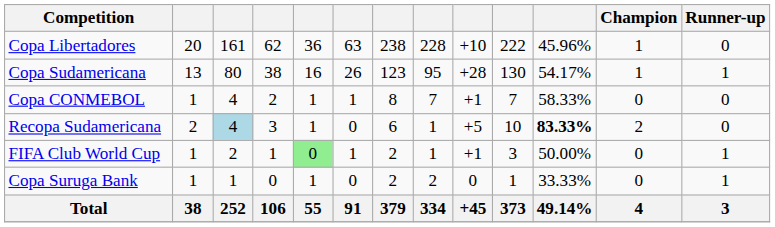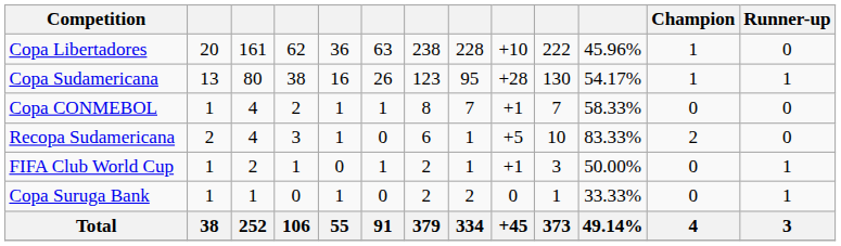 <table class="wikitable" style="text-align: center;">
 <tr>
 <th width=150>Competition</th>
 <th width=30></th>
 <th width=30></th>
 <th width=30></th>
 <th width=30></th>
 <th width=30></th>
 <th width=30></th>
 <th width=30></th>
 <th width=30></th>
 <th width=30></th>
 <th width=50></th>
 <th>Champion</th>
 <th>Runner-up</th>
 </tr>
 <tr>
 <td align=left><a href='#'>Copa Libertadores</a></td>
 <td>20</td>
 <td>161</td>
 <td>62</td>
 <td>36</td>
 <td>63</td>
 <td>238</td>
 <td>228</td>
 <td>+10</td>
 <td>222</td>
 <td>45.96%</td>
 <td>1</td>
 <td>0</td>
 </tr>
 <tr>
 <td align=left><a href='#'>Copa Sudamericana</a></td>
 <td>13</td>
 <td>80</td>
 <td>38</td>
 <td>16</td>
 <td>26</td>
 <td>123</td>
 <td>95</td>
 <td>+28</td>
 <td>130</td>
 <td>54.17%</td>
 <td>1</td>
 <td>1</td>
 </tr>
 <tr>
 <td align=left><a href='#'>Copa CONMEBOL</a></td>
 <td>1</td>
 <td>4</td>
 <td>2</td>
 <td>1</td>
 <td>1</td>
 <td>8</td>
 <td>7</td>
 <td>+1</td>
 <td>7</td>
 <td>58.33%</td>
 <td>0</td>
 <td>0</td>
 </tr>
 <tr>
 <td align=left><a href='#'>Recopa Sudamericana</a></td>
 <td>2</td>
-<td style="background: lightblue;">4</td>
+<td>4</td>
 <td>3</td>
 <td>1</td>
 <td>0</td>
 <td>6</td>
 <td>1</td>
 <td>+5</td>
 <td>10</td>
-<td><strong>83.33%</strong></td>
+<td>83.33%</td>
 <td>2</td>
 <td>0</td>
 </tr>
 <tr>
 <td align=left><a href='#'>FIFA Club World Cup</a></td>
 <td>1</td>
 <td>2</td>
 <td>1</td>
-<td style="background: lightgreen;">0</td>
+<td>0</td>
 <td>1</td>
 <td>2</td>
 <td>1</td>
 <td>+1</td>
 <td>3</td>
 <td>50.00%</td>
 <td>0</td>
 <td>1</td>
 </tr>
 <tr>
 <td align=left><a href='#'>Copa Suruga Bank</a></td>
 <td>1</td>
 <td>1</td>
 <td>0</td>
 <td>1</td>
 <td>0</td>
 <td>2</td>
 <td>2</td>
 <td>0</td>
 <td>1</td>
 <td>33.33%</td>
 <td>0</td>
 <td>1</td>
 </tr>
 <tr>
 <th>Total</th>
 <th>38</th>
 <th>252</th>
 <th>106</th>
 <th>55</th>
 <th>91</th>
 <th>379</th>
 <th>334</th>
 <th>+45</th>
 <th>373</th>
 <th>49.14%</th>
 <th>4</th>
 <th>3</th>
 </tr>
 <tr>
 </tr>
 </table>
